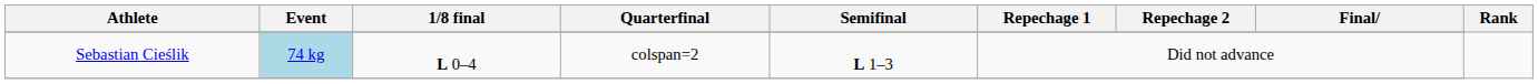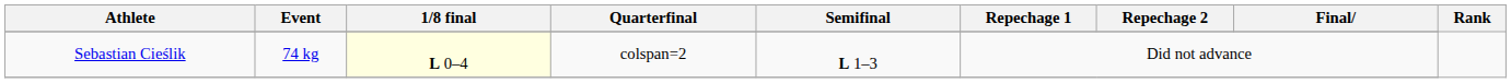 <table class="wikitable" width="85%" style="text-align:left; font-size:90%">
 <tr>
 <th width="11%">Athlete</th>
 <th width="4%">Event</th>
 <th width="9%">1/8 final</th>
 <th width="9%">Quarterfinal</th>
 <th width="9%">Semifinal</th>
 <th width="6%">Repechage 1</th>
 <th width="6%">Repechage 2</th>
 <th width="9%">Final/</th>
 <th width="3%">Rank</th>
 </tr>
 <tr>
 </tr>
 <tr align=center>
 <td><a href='#'>Sebastian Cieślik</a></td>
-<td style="background: lightblue;"><a href='#'>74 kg</a></td>
-<td><br><strong>L</strong> 0–4</td>
+<td><a href='#'>74 kg</a></td>
+<td style="background: lightyellow;"><br><strong>L</strong> 0–4</td>
 <td>colspan=2 </td>
 <td><br><strong>L</strong> 1–3</td>
 <td colspan=3 align=center>Did not advance</td>
 </tr>
 <tr>
 </tr>
 </table>
